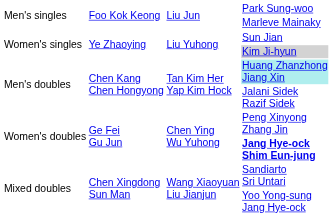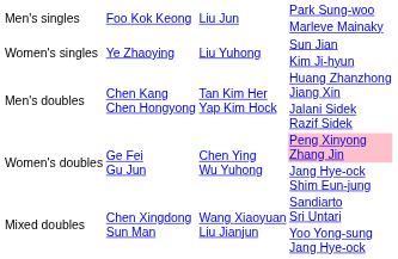 <table>
 <tr>
 <td rowspan="2">Men's singles</td>
 <td rowspan="2"> <a href='#'>Foo Kok Keong</a></td>
 <td rowspan="2"> <a href='#'>Liu Jun</a></td>
 <td> <a href='#'>Park Sung-woo</a></td>
 </tr>
 <tr>
 <td> <a href='#'>Marleve Mainaky</a></td>
 </tr>
 <tr>
 <td rowspan="2">Women's singles</td>
 <td rowspan="2"> <a href='#'>Ye Zhaoying</a></td>
 <td rowspan="2"> <a href='#'>Liu Yuhong</a></td>
 <td> <a href='#'>Sun Jian</a></td>
 </tr>
 <tr>
-<td style="background: lightgrey;"> <a href='#'>Kim Ji-hyun</a></td>
+<td> <a href='#'>Kim Ji-hyun</a></td>
 </tr>
 <tr>
 <td rowspan="2">Men's doubles</td>
 <td rowspan="2"> <a href='#'>Chen Kang</a> <br>  <a href='#'>Chen Hongyong</a></td>
 <td rowspan="2"> <a href='#'>Tan Kim Her</a> <br>  <a href='#'>Yap Kim Hock</a></td>
-<td style="background: paleturquoise;"> <a href='#'>Huang Zhanzhong</a> <br>  <a href='#'>Jiang Xin</a></td>
+<td> <a href='#'>Huang Zhanzhong</a> <br>  <a href='#'>Jiang Xin</a></td>
 </tr>
 <tr>
 <td> <a href='#'>Jalani Sidek</a> <br>  <a href='#'>Razif Sidek</a></td>
 </tr>
 <tr>
 <td rowspan="2">Women's doubles</td>
 <td rowspan="2"> <a href='#'>Ge Fei</a> <br>  <a href='#'>Gu Jun</a></td>
 <td rowspan="2"> <a href='#'>Chen Ying</a> <br>  <a href='#'>Wu Yuhong</a></td>
-<td> <a href='#'>Peng Xinyong</a> <br>  <a href='#'>Zhang Jin</a></td>
+<td style="background: pink;"> <a href='#'>Peng Xinyong</a> <br>  <a href='#'>Zhang Jin</a></td>
 </tr>
 <tr>
-<td><strong> <a href='#'>Jang Hye-ock</a> <br>  <a href='#'>Shim Eun-jung</a></strong></td>
+<td> <a href='#'>Jang Hye-ock</a> <br>  <a href='#'>Shim Eun-jung</a></td>
 </tr>
 <tr>
 <td rowspan="2">Mixed doubles</td>
 <td rowspan="2"> <a href='#'>Chen Xingdong</a> <br>  <a href='#'>Sun Man</a></td>
 <td rowspan="2"> <a href='#'>Wang Xiaoyuan</a> <br>  <a href='#'>Liu Jianjun</a></td>
 <td> <a href='#'>Sandiarto</a> <br>  <a href='#'>Sri Untari</a></td>
 </tr>
 <tr>
 <td> <a href='#'>Yoo Yong-sung</a> <br>  <a href='#'>Jang Hye-ock</a></td>
 </tr>
 </table>
